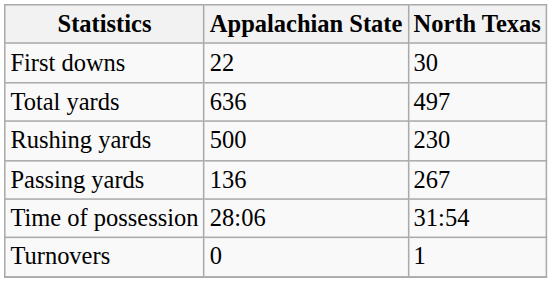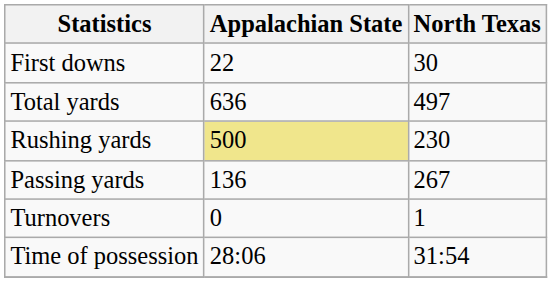 <table class="wikitable">
 <tr>
 <th>Statistics</th>
 <th>Appalachian State</th>
 <th>North Texas</th>
 </tr>
 <tr>
 <td>First downs</td>
 <td>22</td>
 <td>30</td>
 </tr>
 <tr>
 <td>Total yards</td>
 <td>636</td>
 <td>497</td>
 </tr>
 <tr>
 <td>Rushing yards</td>
-<td>500</td>
+<td style="background: khaki;">500</td>
 <td>230</td>
 </tr>
 <tr>
 <td>Passing yards</td>
 <td>136</td>
 <td>267</td>
 </tr>
 <tr>
+<td>Turnovers</td>
+<td>0</td>
+<td>1</td>
+</tr>
+<tr>
 <td>Time of possession</td>
 <td>28:06</td>
 <td>31:54</td>
 </tr>
 <tr>
-<td>Turnovers</td>
-<td>0</td>
-<td>1</td>
-</tr>
-<tr>
 </tr>
 </table>
